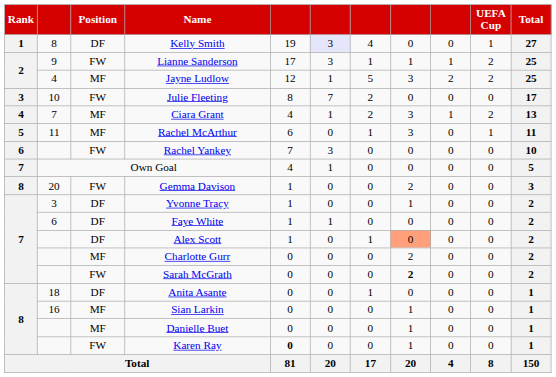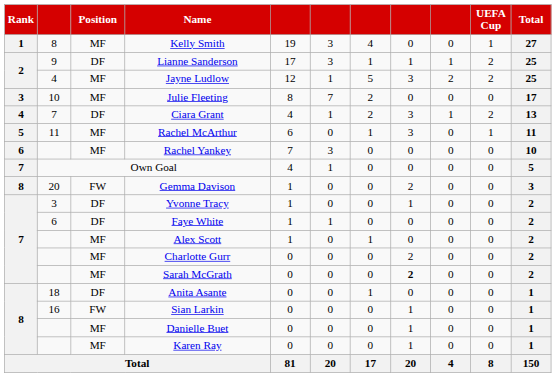 <table class="wikitable" style="text-align:center; font-size:100%; ">
 <tr>
 <th style="background:#d50000; color:white; text-align:center; width:40px">Rank</th>
 <th style="background:#d50000; color:white; text-align:center; width:40px"></th>
 <th style="background:#d50000; color:white; text-align:center; width:70px">Position</th>
 <th style="background:#d50000; color:white; text-align:center; width:200px">Name</th>
 <th style="background:#d50000; color:white; text-align:center; width:50px;"></th>
 <th style="background:#d50000; color:white; text-align:center; width:50px;"></th>
 <th style="background:#d50000; color:white; text-align:center; width:50px;"></th>
 <th style="background:#d50000; color:white; text-align:center; width:50px;"></th>
 <th style="background:#d50000; color:white; text-align:center; width:50px;"></th>
 <th style="background:#d50000; color:white; text-align:center; width:50px;">UEFA Cup</th>
 <th style="background:#d50000; color:white; text-align:center; width:50px;">Total</th>
 </tr>
 <tr>
 <th>1</th>
 <td>8</td>
-<td>DF</td>
+<td>MF</td>
 <td> <a href='#'>Kelly Smith</a></td>
 <td>19</td>
-<td style="background: lavender;">3</td>
+<td>3</td>
 <td>4</td>
 <td>0</td>
 <td>0</td>
 <td>1</td>
 <th>27</th>
 </tr>
 <tr>
 <th rowspan="2">2</th>
 <td>9</td>
-<td>FW</td>
+<td>DF</td>
 <td> <a href='#'>Lianne Sanderson</a></td>
 <td>17</td>
 <td>3</td>
 <td>1</td>
 <td>1</td>
 <td>1</td>
 <td>2</td>
 <th>25</th>
 </tr>
 <tr>
 <td>4</td>
 <td>MF</td>
 <td> <a href='#'>Jayne Ludlow</a></td>
 <td>12</td>
 <td>1</td>
 <td>5</td>
 <td>3</td>
 <td>2</td>
 <td>2</td>
 <th>25</th>
 </tr>
 <tr>
 <th>3</th>
 <td>10</td>
-<td>FW</td>
+<td>MF</td>
 <td> <a href='#'>Julie Fleeting</a></td>
 <td>8</td>
 <td>7</td>
 <td>2</td>
 <td>0</td>
 <td>0</td>
 <td>0</td>
 <th>17</th>
 </tr>
 <tr>
 <th>4</th>
 <td>7</td>
-<td>MF</td>
+<td>DF</td>
 <td> <a href='#'>Ciara Grant</a></td>
 <td>4</td>
 <td>1</td>
 <td>2</td>
 <td>3</td>
 <td>1</td>
 <td>2</td>
 <th>13</th>
 </tr>
 <tr>
 <th>5</th>
 <td>11</td>
 <td>MF</td>
 <td> <a href='#'>Rachel McArthur</a></td>
 <td>6</td>
 <td>0</td>
 <td>1</td>
 <td>3</td>
 <td>0</td>
 <td>1</td>
 <th>11</th>
 </tr>
 <tr>
 <th>6</th>
 <td></td>
-<td>FW</td>
+<td>MF</td>
 <td> <a href='#'>Rachel Yankey</a></td>
 <td>7</td>
 <td>3</td>
 <td>0</td>
 <td>0</td>
 <td>0</td>
 <td>0</td>
 <th>10</th>
 </tr>
 <tr>
 <th>7</th>
 <td colspan="3">Own Goal</td>
 <td>4</td>
 <td>1</td>
 <td>0</td>
 <td>0</td>
 <td>0</td>
 <td>0</td>
 <th>5</th>
 </tr>
 <tr>
 <th>8</th>
 <td>20</td>
 <td>FW</td>
 <td> <a href='#'>Gemma Davison</a></td>
 <td>1</td>
 <td>0</td>
 <td>0</td>
 <td>2</td>
 <td>0</td>
 <td>0</td>
 <th>3</th>
 </tr>
 <tr>
 <th rowspan="5">7</th>
 <td>3</td>
 <td>DF</td>
 <td> <a href='#'>Yvonne Tracy</a></td>
 <td>1</td>
 <td>0</td>
 <td>0</td>
 <td>1</td>
 <td>0</td>
 <td>0</td>
 <th>2</th>
 </tr>
 <tr>
 <td>6</td>
 <td>DF</td>
 <td> <a href='#'>Faye White</a></td>
 <td>1</td>
 <td>1</td>
 <td>0</td>
 <td>0</td>
 <td>0</td>
 <td>0</td>
 <th>2</th>
 </tr>
 <tr>
 <td></td>
-<td>DF</td>
+<td>MF</td>
 <td> <a href='#'>Alex Scott</a></td>
 <td>1</td>
 <td>0</td>
 <td>1</td>
-<td style="background: lightsalmon;">0</td>
+<td>0</td>
 <td>0</td>
 <td>0</td>
 <th>2</th>
 </tr>
 <tr>
 <td></td>
 <td>MF</td>
 <td> <a href='#'>Charlotte Gurr</a></td>
 <td>0</td>
 <td>0</td>
 <td>0</td>
 <td>2</td>
 <td>0</td>
 <td>0</td>
 <th>2</th>
 </tr>
 <tr>
 <td></td>
-<td>FW</td>
+<td>MF</td>
 <td> <a href='#'>Sarah McGrath</a></td>
 <td>0</td>
 <td>0</td>
 <td>0</td>
 <td><strong>2</strong></td>
 <td>0</td>
 <td>0</td>
 <th>2</th>
 </tr>
 <tr>
 <th rowspan="4">8</th>
 <td>18</td>
 <td>DF</td>
 <td> <a href='#'>Anita Asante</a></td>
 <td>0</td>
 <td>0</td>
 <td>1</td>
 <td>0</td>
 <td>0</td>
 <td>0</td>
 <th>1</th>
 </tr>
 <tr>
 <td>16</td>
-<td>MF</td>
+<td>FW</td>
 <td> <a href='#'>Sian Larkin</a></td>
 <td>0</td>
 <td>0</td>
 <td>0</td>
 <td>1</td>
 <td>0</td>
 <td>0</td>
 <th>1</th>
 </tr>
 <tr>
 <td></td>
 <td>MF</td>
 <td> <a href='#'>Danielle Buet</a></td>
 <td>0</td>
 <td>0</td>
 <td>0</td>
 <td>1</td>
 <td>0</td>
 <td>0</td>
 <th>1</th>
 </tr>
 <tr>
 <td></td>
-<td>FW</td>
+<td>MF</td>
 <td> <a href='#'>Karen Ray</a></td>
-<td><strong>0</strong></td>
+<td>0</td>
 <td>0</td>
 <td>0</td>
 <td>1</td>
 <td>0</td>
 <td>0</td>
 <th>1</th>
 </tr>
 <tr>
 <th colspan="4">Total</th>
 <th>81</th>
 <th>20</th>
 <th>17</th>
 <th>20</th>
 <th>4</th>
 <th>8</th>
 <th>150</th>
 </tr>
 </table>
